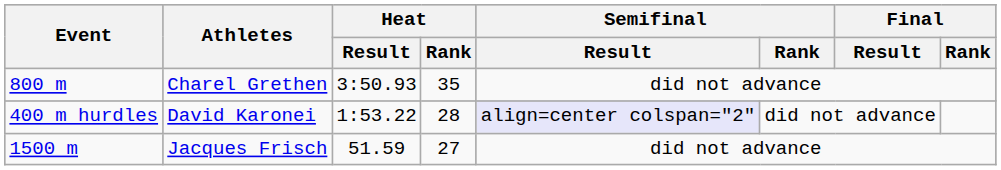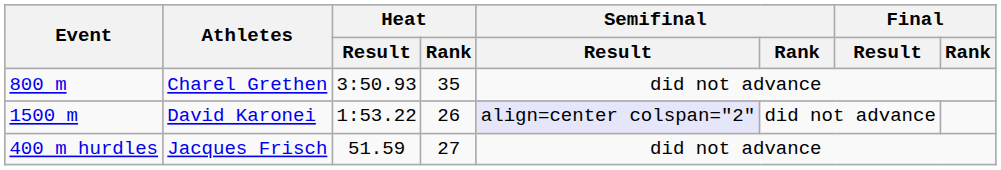 <table class="wikitable" border="1" style="font-size:90%">
 <tr>
 <th rowspan="2">Event</th>
 <th rowspan="2">Athletes</th>
 <th colspan="2">Heat</th>
 <th colspan="2">Semifinal</th>
 <th colspan="2">Final</th>
 </tr>
 <tr>
 <th>Result</th>
 <th>Rank</th>
 <th>Result</th>
 <th>Rank</th>
 <th>Result</th>
 <th>Rank</th>
 </tr>
 <tr>
 <td><a href='#'>800 m</a></td>
 <td><a href='#'>Charel Grethen</a></td>
 <td align=center>3:50.93</td>
 <td align=center>35</td>
 <td align=center colspan="4">did not advance</td>
 </tr>
 <tr>
-<td><a href='#'>400 m hurdles</a></td>
+<td><a href='#'>1500 m</a></td>
 <td><a href='#'>David Karonei</a></td>
 <td align=center>1:53.22</td>
-<td align=center>28</td>
+<td align=center>26</td>
 <td style="background: lavender;">align=center colspan="2" </td>
 <td align=center colspan="2">did not advance</td>
 </tr>
 <tr>
-<td><a href='#'>1500 m</a></td>
+<td><a href='#'>400 m hurdles</a></td>
 <td><a href='#'>Jacques Frisch</a></td>
 <td align=center>51.59</td>
 <td align=center>27</td>
 <td align=center colspan="4">did not advance</td>
 </tr>
 </table>
